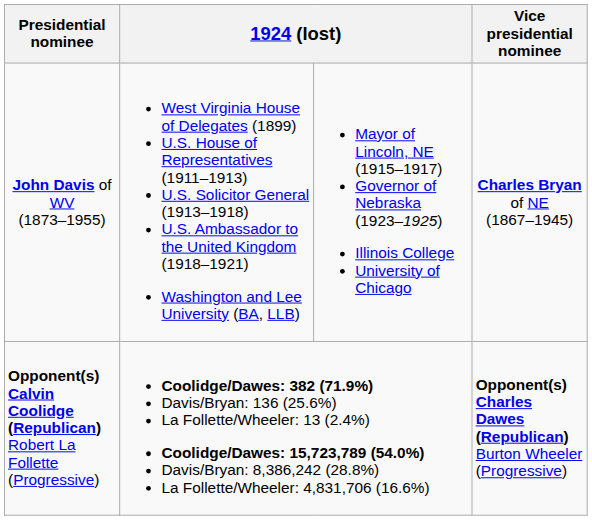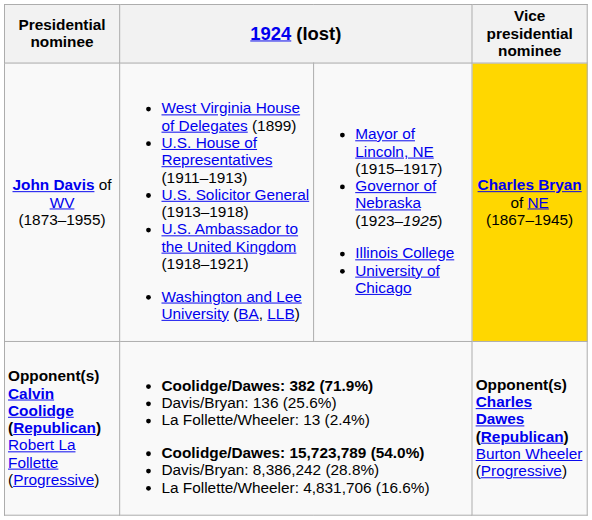 <table class="wikitable">
 <tr>
 <th width=175>Presidential<br>nominee</th>
 <th colspan=2><big><a href='#'>1924</a> (lost)</big></th>
 <th width=175>Vice presidential<br>nominee</th>
 </tr>
 <tr>
 <td style="text-align:center;"><strong><a href='#'>John Davis</a></strong> of <a href='#'>WV</a><br>(1873–1955)<br></td>
 <td width=350><br><ul><li><a href='#'>West Virginia House of Delegates</a> (1899)</li><li><a href='#'>U.S. House of Representatives</a> (1911–1913)</li><li><a href='#'>U.S. Solicitor General</a> (1913–1918)</li><li><a href='#'>U.S. Ambassador to the United Kingdom</a> (1918–1921)</li></ul><ul><li><a href='#'>Washington and Lee University</a> (<a href='#'>BA</a>, <a href='#'>LLB</a>)</li></ul></td>
 <td width=350><br><ul><li><a href='#'>Mayor of Lincoln, NE</a> (1915–1917)</li><li><a href='#'>Governor of Nebraska</a> (1923–<em>1925</em>)</li></ul><ul><li><a href='#'>Illinois College</a></li><li><a href='#'>University of Chicago</a></li></ul></td>
-<td style="text-align:center;"><strong><a href='#'>Charles Bryan</a></strong> of <a href='#'>NE</a><br>(1867–1945)<br></td>
+<td style="background: gold; text-align:center;"><strong><a href='#'>Charles Bryan</a></strong> of <a href='#'>NE</a><br>(1867–1945)<br></td>
 </tr>
 <tr>
 <td><strong>Opponent(s)</strong><br><strong><a href='#'>Calvin Coolidge</a> (<a href='#'>Republican</a>)</strong><br><a href='#'>Robert La Follette</a> (<a href='#'>Progressive</a>)</td>
 <td colspan=2><br><ul><li><strong>Coolidge/Dawes: 382 (71.9%)</strong></li><li>Davis/Bryan: 136 (25.6%)</li><li>La Follette/Wheeler: 13 (2.4%)</li></ul><ul><li><strong>Coolidge/Dawes: 15,723,789 (54.0%)</strong></li><li>Davis/Bryan: 8,386,242 (28.8%)</li><li>La Follette/Wheeler: 4,831,706 (16.6%)</li></ul></td>
 <td><strong>Opponent(s)</strong><br><strong><a href='#'>Charles Dawes</a> (<a href='#'>Republican</a>)</strong><br><a href='#'>Burton Wheeler</a> (<a href='#'>Progressive</a>)</td>
 </tr>
 </table>
